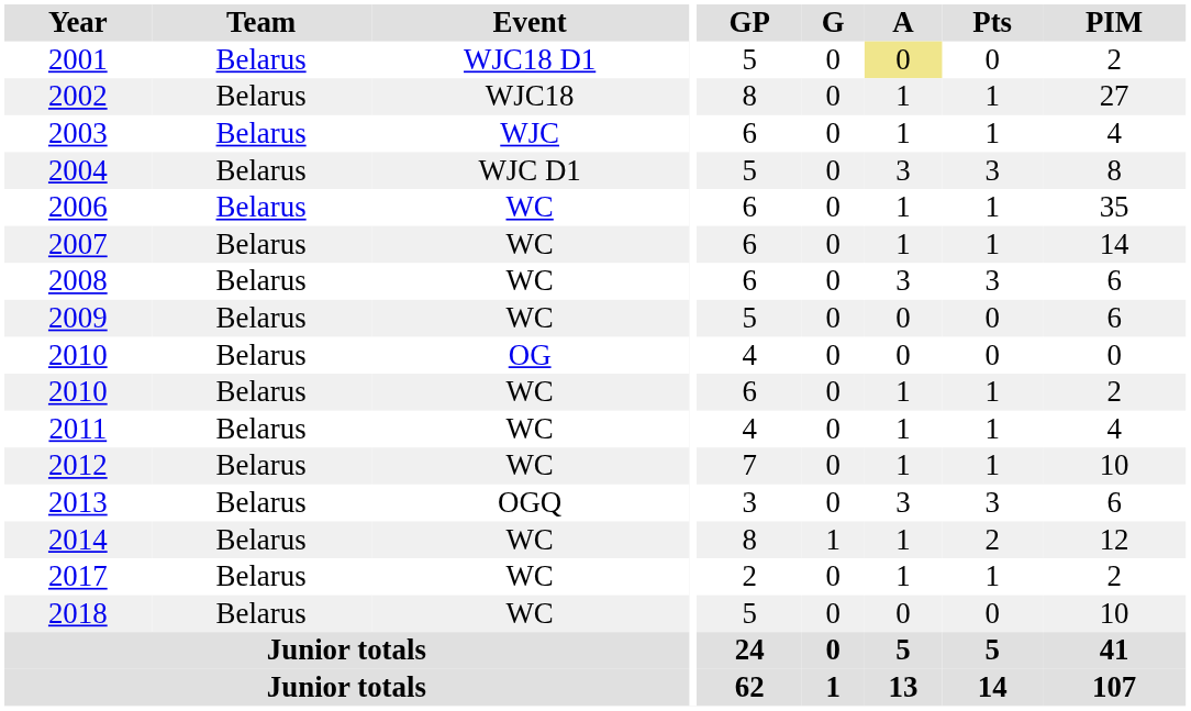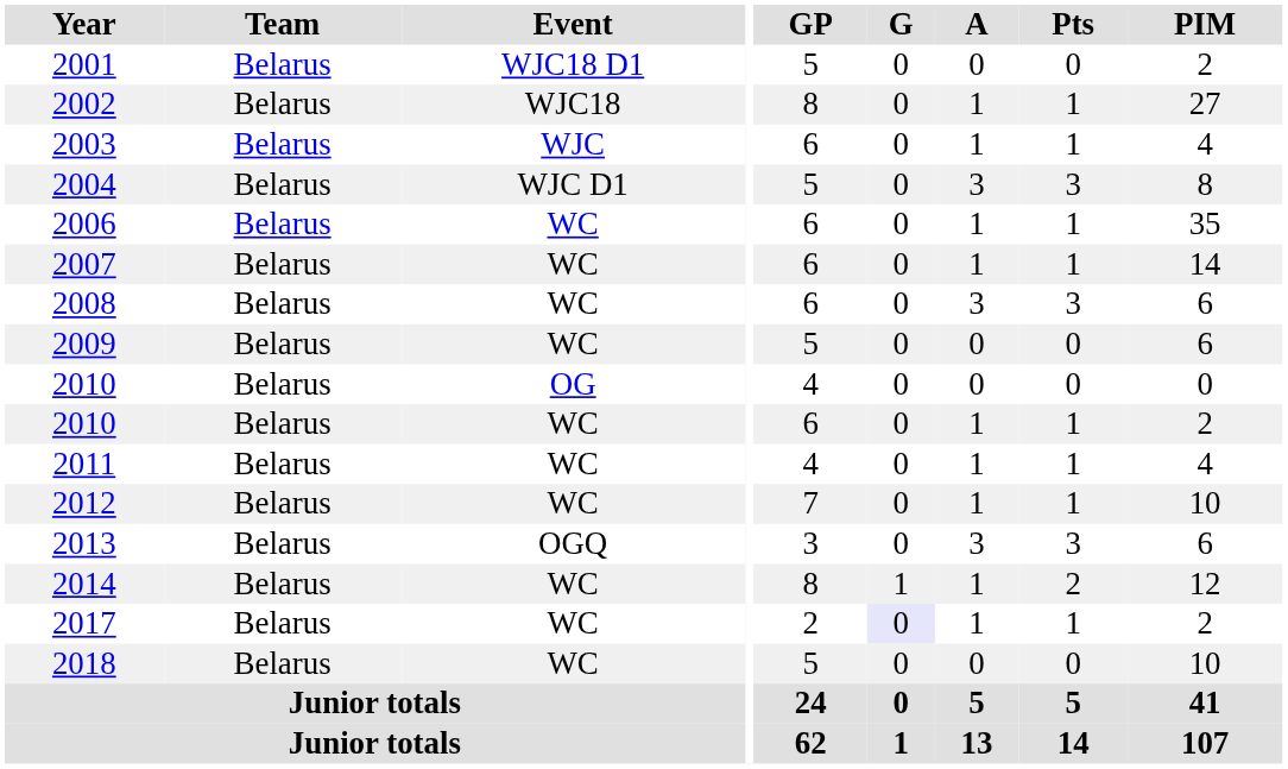 <table border="0" cellpadding="1" cellspacing="0" ID="Table3" style="text-align:center; width:40em">
 <tr align="center" bgcolor="#e0e0e0">
 <th>Year</th>
 <th>Team</th>
 <th>Event</th>
 <th rowspan="99" bgcolor="#ffffff"></th>
 <th>GP</th>
 <th>G</th>
 <th>A</th>
 <th>Pts</th>
 <th>PIM</th>
 </tr>
 <tr>
 <td><a href='#'>2001</a></td>
 <td><a href='#'>Belarus</a></td>
 <td><a href='#'>WJC18 D1</a></td>
 <td>5</td>
 <td>0</td>
-<td style="background: khaki;">0</td>
+<td>0</td>
 <td>0</td>
 <td>2</td>
 </tr>
 <tr bgcolor="#f0f0f0">
 <td><a href='#'>2002</a></td>
 <td>Belarus</td>
 <td>WJC18</td>
 <td>8</td>
 <td>0</td>
 <td>1</td>
 <td>1</td>
 <td>27</td>
 </tr>
 <tr>
 <td><a href='#'>2003</a></td>
 <td><a href='#'>Belarus</a></td>
 <td><a href='#'>WJC</a></td>
 <td>6</td>
 <td>0</td>
 <td>1</td>
 <td>1</td>
 <td>4</td>
 </tr>
 <tr bgcolor="#f0f0f0">
 <td><a href='#'>2004</a></td>
 <td>Belarus</td>
 <td>WJC D1</td>
 <td>5</td>
 <td>0</td>
 <td>3</td>
 <td>3</td>
 <td>8</td>
 </tr>
 <tr>
 <td><a href='#'>2006</a></td>
 <td><a href='#'>Belarus</a></td>
 <td><a href='#'>WC</a></td>
 <td>6</td>
 <td>0</td>
 <td>1</td>
 <td>1</td>
 <td>35</td>
 </tr>
 <tr bgcolor="#f0f0f0">
 <td><a href='#'>2007</a></td>
 <td>Belarus</td>
 <td>WC</td>
 <td>6</td>
 <td>0</td>
 <td>1</td>
 <td>1</td>
 <td>14</td>
 </tr>
 <tr>
 <td><a href='#'>2008</a></td>
 <td>Belarus</td>
 <td>WC</td>
 <td>6</td>
 <td>0</td>
 <td>3</td>
 <td>3</td>
 <td>6</td>
 </tr>
 <tr bgcolor="#f0f0f0">
 <td><a href='#'>2009</a></td>
 <td>Belarus</td>
 <td>WC</td>
 <td>5</td>
 <td>0</td>
 <td>0</td>
 <td>0</td>
 <td>6</td>
 </tr>
 <tr>
 <td><a href='#'>2010</a></td>
 <td>Belarus</td>
 <td><a href='#'>OG</a></td>
 <td>4</td>
 <td>0</td>
 <td>0</td>
 <td>0</td>
 <td>0</td>
 </tr>
 <tr bgcolor="#f0f0f0">
 <td><a href='#'>2010</a></td>
 <td>Belarus</td>
 <td>WC</td>
 <td>6</td>
 <td>0</td>
 <td>1</td>
 <td>1</td>
 <td>2</td>
 </tr>
 <tr>
 <td><a href='#'>2011</a></td>
 <td>Belarus</td>
 <td>WC</td>
 <td>4</td>
 <td>0</td>
 <td>1</td>
 <td>1</td>
 <td>4</td>
 </tr>
 <tr bgcolor="#f0f0f0">
 <td><a href='#'>2012</a></td>
 <td>Belarus</td>
 <td>WC</td>
 <td>7</td>
 <td>0</td>
 <td>1</td>
 <td>1</td>
 <td>10</td>
 </tr>
 <tr>
 <td><a href='#'>2013</a></td>
 <td>Belarus</td>
 <td>OGQ</td>
 <td>3</td>
 <td>0</td>
 <td>3</td>
 <td>3</td>
 <td>6</td>
 </tr>
 <tr bgcolor="#f0f0f0">
 <td><a href='#'>2014</a></td>
 <td>Belarus</td>
 <td>WC</td>
 <td>8</td>
 <td>1</td>
 <td>1</td>
 <td>2</td>
 <td>12</td>
 </tr>
 <tr>
 <td><a href='#'>2017</a></td>
 <td>Belarus</td>
 <td>WC</td>
 <td>2</td>
-<td>0</td>
+<td style="background: lavender;">0</td>
 <td>1</td>
 <td>1</td>
 <td>2</td>
 </tr>
 <tr bgcolor="#f0f0f0">
 <td><a href='#'>2018</a></td>
 <td>Belarus</td>
 <td>WC</td>
 <td>5</td>
 <td>0</td>
 <td>0</td>
 <td>0</td>
 <td>10</td>
 </tr>
 <tr bgcolor="#e0e0e0">
 <th colspan="3">Junior totals</th>
 <th>24</th>
 <th>0</th>
 <th>5</th>
 <th>5</th>
 <th>41</th>
 </tr>
 <tr bgcolor="#e0e0e0">
 <th colspan="3">Junior totals</th>
 <th>62</th>
 <th>1</th>
 <th>13</th>
 <th>14</th>
 <th>107</th>
 </tr>
 </table>
